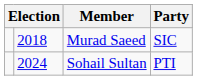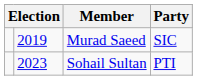 <table class="wikitable">
 <tr>
 <th colspan="2">Election</th>
 <th>Member</th>
 <th>Party</th>
 </tr>
 <tr>
 <td style="background-color: "></td>
-<td><a href='#'>2018</a></td>
+<td><a href='#'>2019</a></td>
 <td><a href='#'>Murad Saeed</a></td>
 <td><a href='#'>SIC</a></td>
 </tr>
 <tr>
 <td style="background-color: "></td>
-<td><a href='#'>2024</a></td>
+<td><a href='#'>2023</a></td>
 <td><a href='#'>Sohail Sultan</a></td>
 <td><a href='#'>PTI</a></td>
 </tr>
 </table>
